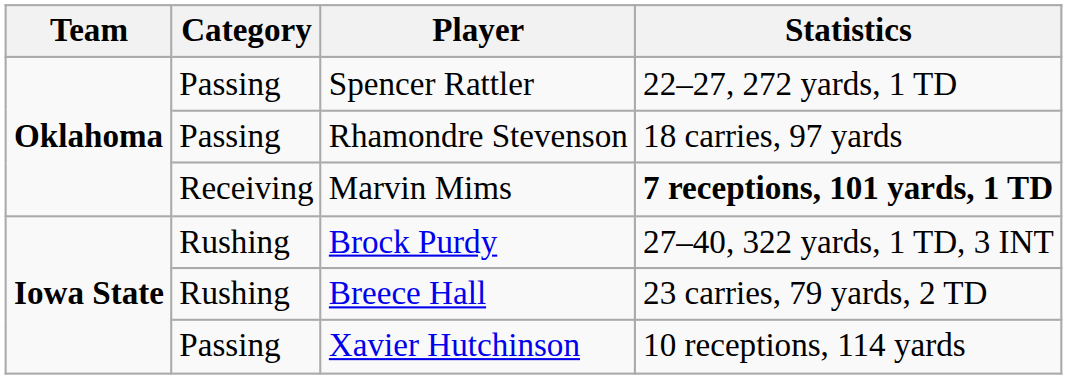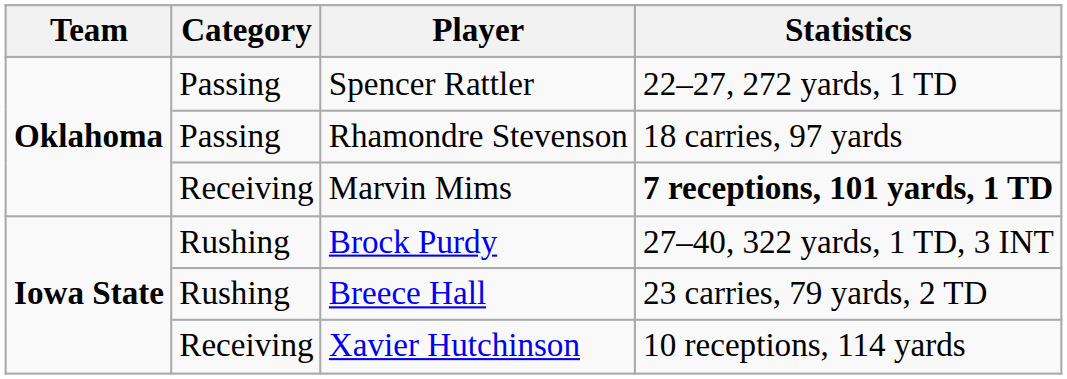 <table class="wikitable" style="float: right;">
 <tr>
 <th>Team</th>
 <th>Category</th>
 <th>Player</th>
 <th>Statistics</th>
 </tr>
 <tr>
 <td rowspan=3><strong>Oklahoma</strong></td>
 <td>Passing</td>
 <td>Spencer Rattler</td>
 <td>22–27, 272 yards, 1 TD</td>
 </tr>
 <tr>
 <td>Passing</td>
 <td>Rhamondre Stevenson</td>
 <td>18 carries, 97 yards</td>
 </tr>
 <tr>
 <td>Receiving</td>
 <td>Marvin Mims</td>
 <td><strong>7 receptions, 101 yards, 1 TD</strong></td>
 </tr>
 <tr>
 <td rowspan=3><strong>Iowa State</strong></td>
 <td>Rushing</td>
 <td><a href='#'>Brock Purdy</a></td>
 <td>27–40, 322 yards, 1 TD, 3 INT</td>
 </tr>
 <tr>
 <td>Rushing</td>
 <td><a href='#'>Breece Hall</a></td>
 <td>23 carries, 79 yards, 2 TD</td>
 </tr>
 <tr>
-<td>Passing</td>
+<td>Receiving</td>
 <td><a href='#'>Xavier Hutchinson</a></td>
 <td>10 receptions, 114 yards</td>
 </tr>
 </table>
